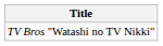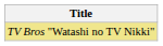 <table class="wikitable">
 <tr>
 <th>Title</th>
 </tr>
 <tr>
-<td><em>TV Bros</em> "Watashi no TV Nikki"</td>
+<td style="background: khaki;"><em>TV Bros</em> "Watashi no TV Nikki"</td>
 </tr>
 </table>
